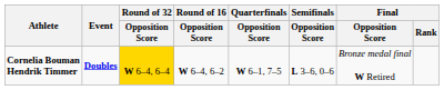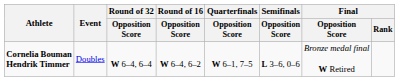 <table class=wikitable style="font-size:90%">
 <tr>
 <th rowspan=2>Athlete</th>
 <th rowspan=2>Event</th>
 <th>Round of 32</th>
 <th>Round of 16</th>
 <th>Quarterfinals</th>
 <th>Semifinals</th>
 <th colspan=2>Final</th>
 </tr>
 <tr style="font-size:95%">
 <th>Opposition<br>Score</th>
 <th>Opposition<br>Score</th>
 <th>Opposition<br>Score</th>
 <th>Opposition<br>Score</th>
 <th>Opposition<br>Score</th>
 <th>Rank</th>
 </tr>
 <tr align=center>
 <td align=left><strong>Cornelia Bouman <br> Hendrik Timmer</strong></td>
-<td align=left><strong><a href='#'>Doubles</a></strong></td>
-<td style="background: gold;"> <br> <strong>W</strong> 6–4, 6–4</td>
+<td align=left><a href='#'>Doubles</a></td>
+<td> <br> <strong>W</strong> 6–4, 6–4</td>
 <td> <br> <strong>W</strong> 6–4, 6–2</td>
 <td> <br> <strong>W</strong> 6–1, 7–5</td>
 <td> <br> <strong>L</strong> 3–6, 0–6</td>
 <td><em>Bronze medal final</em> <br>  <br> <strong>W</strong> Retired</td>
 <td></td>
 </tr>
 </table>
